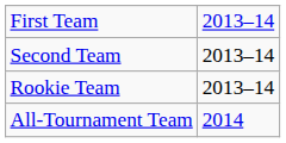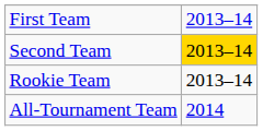 <table class="wikitable">
 <tr>
 </tr>
 <tr>
 <td><a href='#'>First Team</a></td>
 <td><a href='#'>2013–14</a></td>
 </tr>
 <tr>
 <td><a href='#'>Second Team</a></td>
-<td>2013–14</td>
+<td style="background: gold;">2013–14</td>
 </tr>
 <tr>
 <td><a href='#'>Rookie Team</a></td>
 <td>2013–14</td>
 </tr>
 <tr>
 <td><a href='#'>All-Tournament Team</a></td>
 <td><a href='#'>2014</a></td>
 </tr>
 </table>
